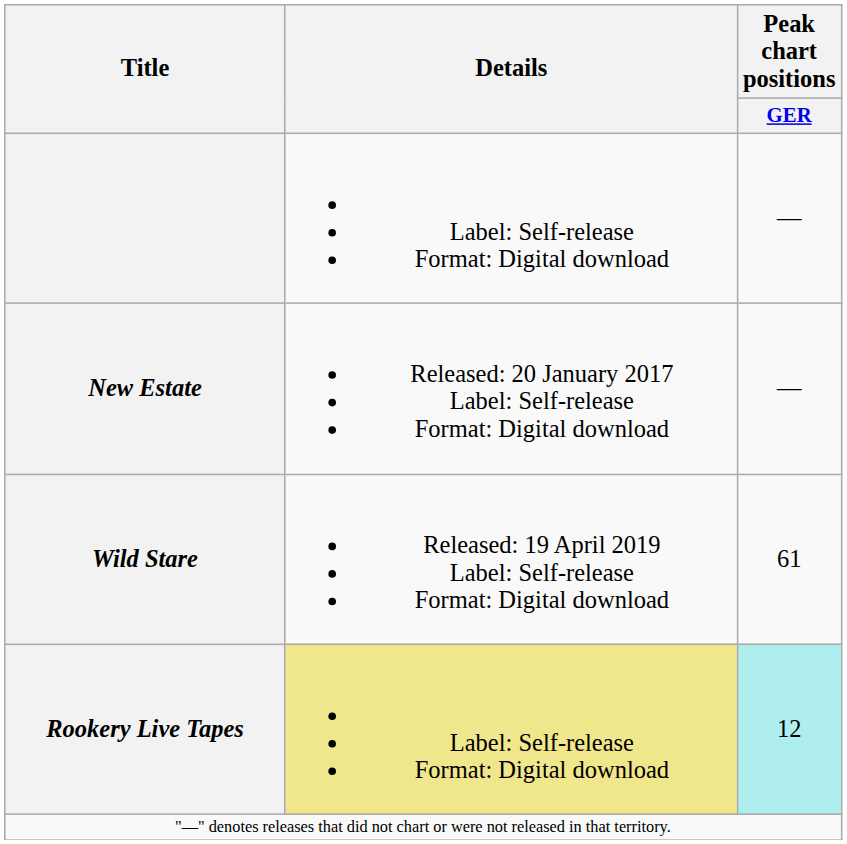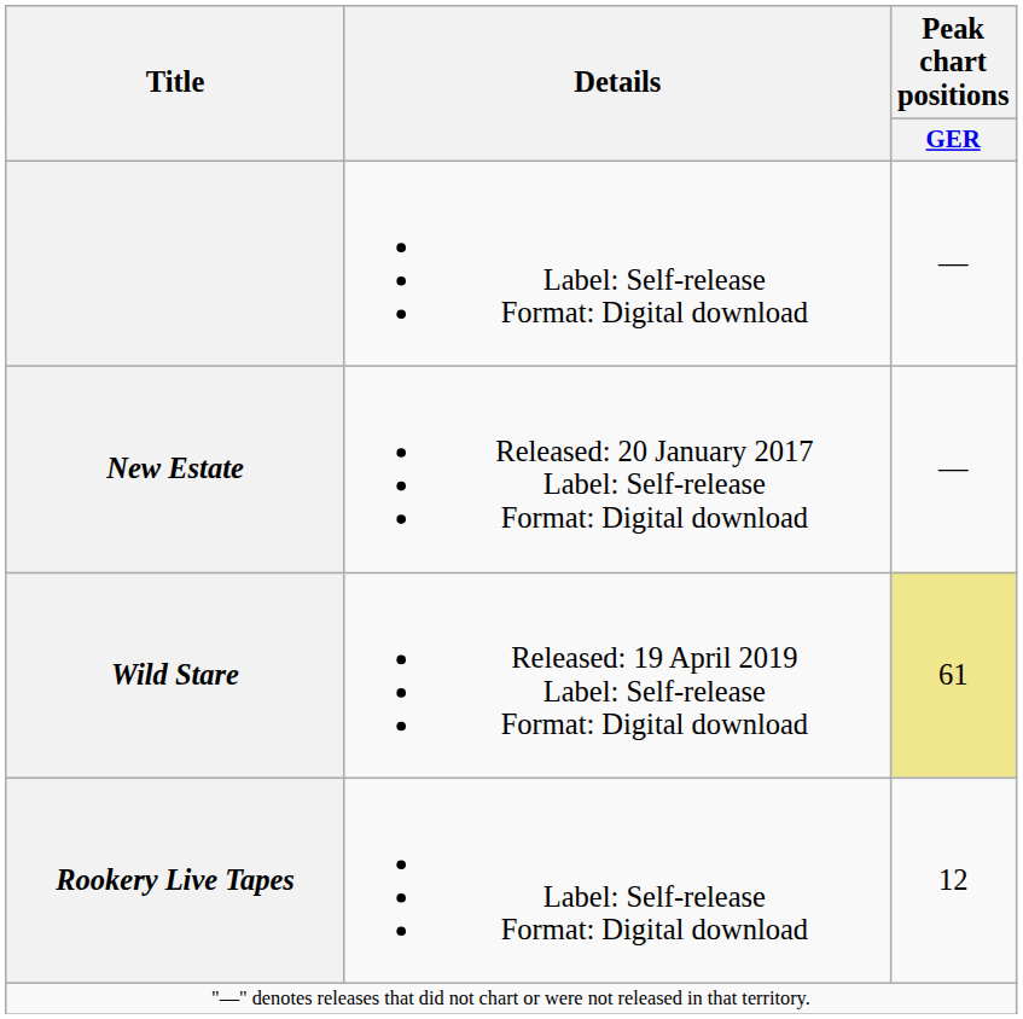 <table class="wikitable plainrowheaders" style="text-align:center;">
 <tr>
 <th scope="col" rowspan="2" style="width:11em;">Title</th>
 <th scope="col" rowspan="2" style="width:18em;">Details</th>
 <th scope="col" colspan="1">Peak chart positions</th>
 </tr>
 <tr>
 <th scope="col" style="width:3em;font-size:85%"><a href='#'>GER</a><br></th>
 </tr>
 <tr>
 <th scope="row"></th>
 <td><br><ul><li></li><li>Label: Self-release</li><li>Format: Digital download</li></ul></td>
 <td>—</td>
 </tr>
 <tr>
 <th scope="row"><em>New Estate</em></th>
 <td><br><ul><li>Released: 20 January 2017</li><li>Label: Self-release</li><li>Format: Digital download</li></ul></td>
 <td>—</td>
 </tr>
 <tr>
 <th scope="row"><em>Wild Stare</em></th>
 <td><br><ul><li>Released: 19 April 2019</li><li>Label: Self-release</li><li>Format: Digital download</li></ul></td>
-<td>61</td>
+<td style="background: khaki;">61</td>
 </tr>
 <tr>
 <th scope="row"><em>Rookery Live Tapes</em></th>
-<td style="background: khaki;"><br><ul><li></li><li>Label: Self-release</li><li>Format: Digital download</li></ul></td>
-<td style="background: paleturquoise;">12</td>
+<td><br><ul><li></li><li>Label: Self-release</li><li>Format: Digital download</li></ul></td>
+<td>12</td>
 </tr>
 <tr>
 <td align="center" colspan="15" style="font-size:8pt">"—" denotes releases that did not chart or were not released in that territory.</td>
 </tr>
 </table>
